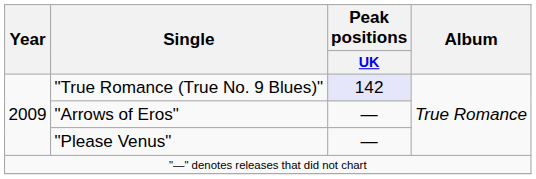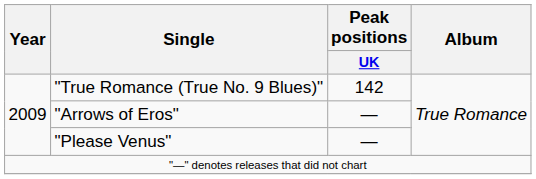 <table class="wikitable" style="text-align:center;">
 <tr>
 <th rowspan="2">Year</th>
 <th rowspan="2">Single</th>
 <th colspan="1">Peak positions</th>
 <th rowspan="2">Album</th>
 </tr>
 <tr style="font-size:smaller;">
 <th width="40"><a href='#'>UK</a></th>
 </tr>
 <tr>
 <td rowspan="3">2009</td>
 <td align="left">"True Romance (True No. 9 Blues)"</td>
-<td style="background: lavender;">142</td>
+<td>142</td>
 <td align="left" rowspan="3"><em>True Romance</em></td>
 </tr>
 <tr>
 <td align="left">"Arrows of Eros"</td>
 <td>—</td>
 </tr>
 <tr>
 <td align="left">"Please Venus"</td>
 <td>—</td>
 </tr>
 <tr>
 <td colspan="5" style="font-size:8pt">"—" denotes releases that did not chart</td>
 </tr>
 <tr>
 </tr>
 </table>
